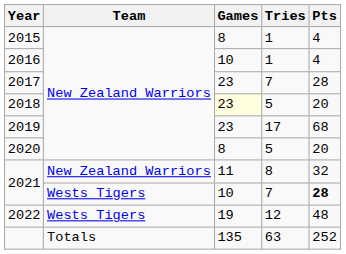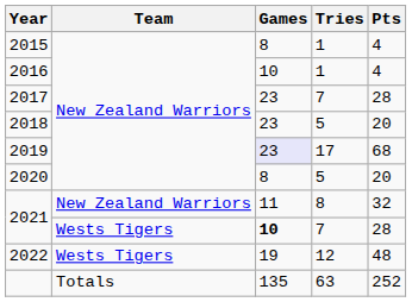 <table class="wikitable">
 <tr>
 <th>Year</th>
 <th>Team</th>
 <th>Games</th>
 <th>Tries</th>
 <th>Pts</th>
 </tr>
 <tr>
 <td>2015</td>
 <td rowspan="6"> <a href='#'>New Zealand Warriors</a></td>
 <td>8</td>
 <td>1</td>
 <td>4</td>
 </tr>
 <tr>
 <td>2016</td>
 <td>10</td>
 <td>1</td>
 <td>4</td>
 </tr>
 <tr>
 <td>2017</td>
 <td>23</td>
 <td>7</td>
 <td>28</td>
 </tr>
 <tr>
 <td>2018</td>
-<td style="background: lightyellow;">23</td>
+<td>23</td>
 <td>5</td>
 <td>20</td>
 </tr>
 <tr>
 <td>2019</td>
-<td>23</td>
+<td style="background: lavender;">23</td>
 <td>17</td>
 <td>68</td>
 </tr>
 <tr>
 <td>2020</td>
 <td>8</td>
 <td>5</td>
 <td>20</td>
 </tr>
 <tr>
 <td rowspan="2">2021</td>
 <td> <a href='#'>New Zealand Warriors</a></td>
 <td>11</td>
 <td>8</td>
 <td>32</td>
 </tr>
 <tr>
 <td> <a href='#'>Wests Tigers</a></td>
-<td>10</td>
+<td><strong>10</strong></td>
 <td>7</td>
-<td><strong>28</strong></td>
+<td>28</td>
 </tr>
 <tr>
 <td>2022</td>
 <td> <a href='#'>Wests Tigers</a></td>
 <td>19</td>
 <td>12</td>
 <td>48</td>
 </tr>
 <tr>
 <td></td>
 <td>Totals</td>
 <td>135</td>
 <td>63</td>
 <td>252</td>
 </tr>
 </table>
